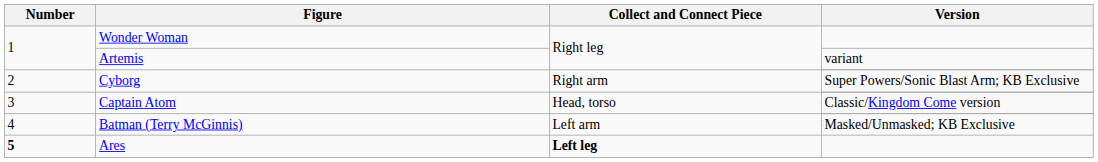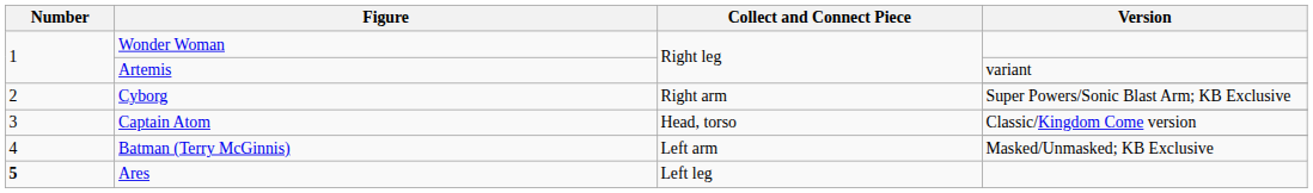 <table class="wikitable" style="width:80%;">
 <tr>
 <th width=5%><strong>Number</strong></th>
 <th width=25%><strong>Figure</strong></th>
 <th width=15%><strong>Collect and Connect Piece</strong></th>
 <th width=15%><strong>Version</strong></th>
 </tr>
 <tr>
 <td rowspan=2>1</td>
 <td><a href='#'>Wonder Woman</a></td>
 <td rowspan=2>Right leg</td>
 <td></td>
 </tr>
 <tr>
 <td><a href='#'>Artemis</a></td>
 <td>variant</td>
 </tr>
 <tr>
 <td rowspan=2>2</td>
 <td rowspan=2><a href='#'>Cyborg</a></td>
 <td rowspan=2>Right arm</td>
 </tr>
 <tr>
 <td>Super Powers/Sonic Blast Arm; KB Exclusive</td>
 </tr>
 <tr>
 <td rowspan=2>3</td>
 <td rowspan=2><a href='#'>Captain Atom</a></td>
 <td rowspan=2>Head, torso</td>
 </tr>
 <tr>
 <td>Classic/<a href='#'>Kingdom Come</a> version</td>
 </tr>
 <tr>
 <td rowspan=2>4</td>
 <td rowspan=2><a href='#'>Batman (Terry McGinnis)</a></td>
 <td rowspan=2>Left arm</td>
 </tr>
 <tr>
 <td>Masked/Unmasked; KB Exclusive</td>
 </tr>
 <tr>
 <td><strong>5</strong></td>
 <td><a href='#'>Ares</a></td>
-<td><strong>Left leg</strong></td>
+<td>Left leg</td>
 <td></td>
 </tr>
 </table>
